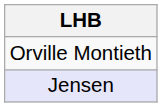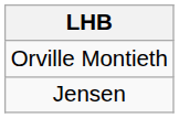 <table class="wikitable" width="120px">
 <tr>
 <th>LHB</th>
 </tr>
 <tr>
 <td align="center">Orville Montieth</td>
 </tr>
 <tr>
-<td align="center" style="background: lavender;">Jensen</td>
+<td align="center">Jensen</td>
 </tr>
 </table>
